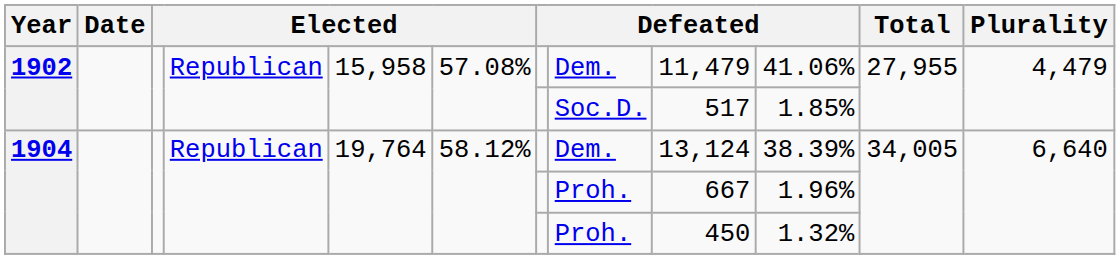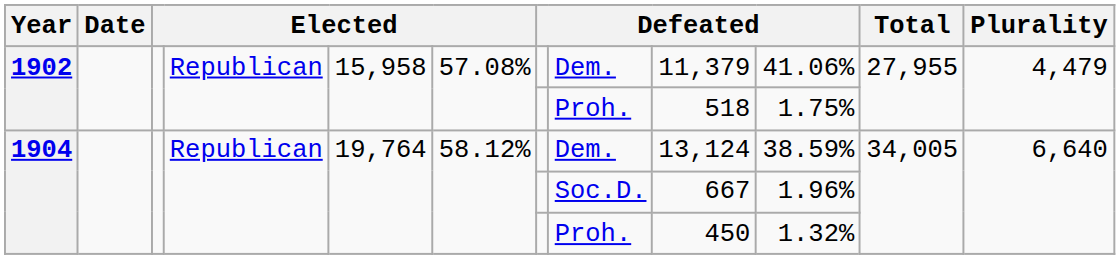 <table class=wikitable>
 <tr>
 <th>Year</th>
 <th>Date</th>
 <th ! colspan="4">Elected</th>
 <th ! colspan="4">Defeated</th>
 <th>Total</th>
 <th>Plurality</th>
 </tr>
 <tr>
 <th rowspan="2" valign="top"><a href='#'>1902</a></th>
 <td rowspan="2" valign="top"></td>
 <td rowspan="2" valign="top"></td>
 <td rowspan="2" valign="top" ><a href='#'>Republican</a></td>
 <td rowspan="2" valign="top" align="right">15,958</td>
 <td rowspan="2" valign="top" align="right">57.08%</td>
 <td valign="top"></td>
 <td valign="top" ><a href='#'>Dem.</a></td>
-<td valign="top" align="right">11,479</td>
+<td valign="top" align="right">11,379</td>
 <td valign="top" align="right">41.06%</td>
 <td rowspan="2" valign="top" align="right">27,955</td>
 <td rowspan="2" valign="top" align="right">4,479</td>
 </tr>
 <tr>
 <td valign="top"></td>
-<td valign="top" ><a href='#'>Soc.D.</a></td>
-<td valign="top" align="right">517</td>
-<td valign="top" align="right">1.85%</td>
+<td valign="top" ><a href='#'>Proh.</a></td>
+<td valign="top" align="right">518</td>
+<td valign="top" align="right">1.75%</td>
 </tr>
 <tr>
 <th rowspan="3" valign="top"><a href='#'>1904</a></th>
 <td rowspan="3" valign="top"></td>
 <td rowspan="3" valign="top"></td>
 <td rowspan="3" valign="top" ><a href='#'>Republican</a></td>
 <td rowspan="3" valign="top" align="right">19,764</td>
 <td rowspan="3" valign="top" align="right">58.12%</td>
 <td valign="top"></td>
 <td valign="top" ><a href='#'>Dem.</a></td>
 <td valign="top" align="right">13,124</td>
-<td valign="top" align="right">38.39%</td>
+<td valign="top" align="right">38.59%</td>
 <td rowspan="3" valign="top" align="right">34,005</td>
 <td rowspan="3" valign="top" align="right">6,640</td>
 </tr>
 <tr>
 <td valign="top"></td>
-<td valign="top" ><a href='#'>Proh.</a></td>
+<td valign="top" ><a href='#'>Soc.D.</a></td>
 <td valign="top" align="right">667</td>
 <td valign="top" align="right">1.96%</td>
 </tr>
 <tr>
 <td valign="top"></td>
 <td valign="top" ><a href='#'>Proh.</a></td>
 <td valign="top" align="right">450</td>
 <td valign="top" align="right">1.32%</td>
 </tr>
 </table>
